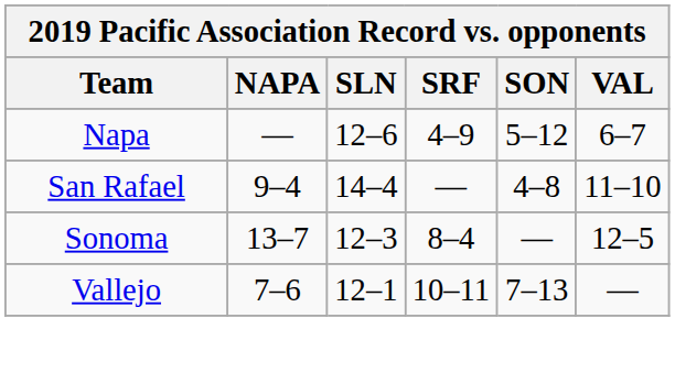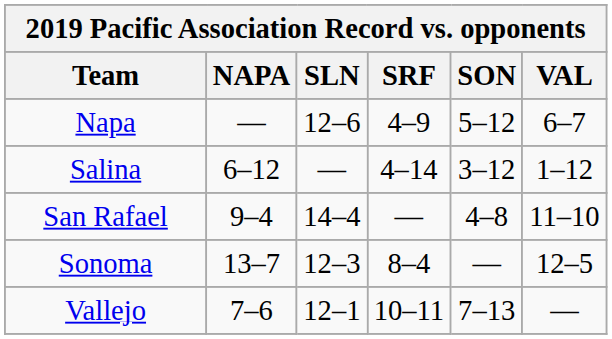 <table class="wikitable" style="font-size:95%; text-align:center;">
 <tr>
 <th colspan=6>2019 Pacific Association Record vs. opponents</th>
 </tr>
 <tr>
 <th style="width:100px;">Team</th>
 <th>NAPA</th>
 <th>SLN</th>
 <th>SRF</th>
 <th>SON</th>
 <th>VAL</th>
 </tr>
 <tr>
 <td><a href='#'>Napa</a></td>
 <td>—</td>
 <td>12–6</td>
 <td>4–9</td>
 <td>5–12</td>
 <td>6–7</td>
+</tr>
+<tr>
+<td><a href='#'>Salina</a></td>
+<td>6–12</td>
+<td>—</td>
+<td>4–14</td>
+<td>3–12</td>
+<td>1–12</td>
 </tr>
 <tr>
 <td><a href='#'>San Rafael</a></td>
 <td>9–4</td>
 <td>14–4</td>
 <td>—</td>
 <td>4–8</td>
 <td>11–10</td>
 </tr>
 <tr>
 <td><a href='#'>Sonoma</a></td>
 <td>13–7</td>
 <td>12–3</td>
 <td>8–4</td>
 <td>—</td>
 <td>12–5</td>
 </tr>
 <tr>
 <td><a href='#'>Vallejo</a></td>
 <td>7–6</td>
 <td>12–1</td>
 <td>10–11</td>
 <td>7–13</td>
 <td>—</td>
 </tr>
 </table>
